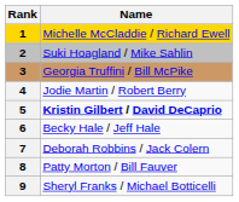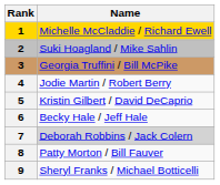 <table class="wikitable">
 <tr>
 <th>Rank</th>
 <th>Name</th>
 </tr>
 <tr bgcolor="gold">
 <td align="center"><strong>1</strong></td>
 <td><a href='#'>Michelle McCladdie</a> / <a href='#'>Richard Ewell</a></td>
 </tr>
 <tr bgcolor="silver">
 <td align="center"><strong>2</strong></td>
 <td><a href='#'>Suki Hoagland</a> / <a href='#'>Mike Sahlin</a></td>
 </tr>
 <tr bgcolor="cc9966">
 <td align="center"><strong>3</strong></td>
 <td><a href='#'>Georgia Truffini</a> / <a href='#'>Bill McPike</a></td>
 </tr>
 <tr>
 <th>4</th>
 <td><a href='#'>Jodie Martin</a> / <a href='#'>Robert Berry</a></td>
 </tr>
 <tr>
 <th>5</th>
-<td><strong><a href='#'>Kristin Gilbert</a> / <a href='#'>David DeCaprio</a></strong></td>
+<td><a href='#'>Kristin Gilbert</a> / <a href='#'>David DeCaprio</a></td>
 </tr>
 <tr>
 <th>6</th>
 <td><a href='#'>Becky Hale</a> / <a href='#'>Jeff Hale</a></td>
 </tr>
 <tr>
 <th>7</th>
-<td><a href='#'>Deborah Robbins</a> / <a href='#'>Jack Colern</a></td>
+<td style="background: lightgrey;"><a href='#'>Deborah Robbins</a> / <a href='#'>Jack Colern</a></td>
 </tr>
 <tr>
 <th>8</th>
 <td><a href='#'>Patty Morton</a> / <a href='#'>Bill Fauver</a></td>
 </tr>
 <tr>
 <th>9</th>
 <td><a href='#'>Sheryl Franks</a> / <a href='#'>Michael Botticelli</a></td>
 </tr>
 </table>
